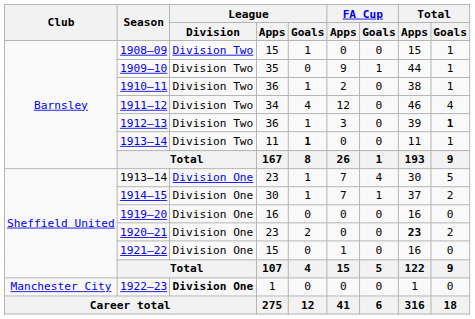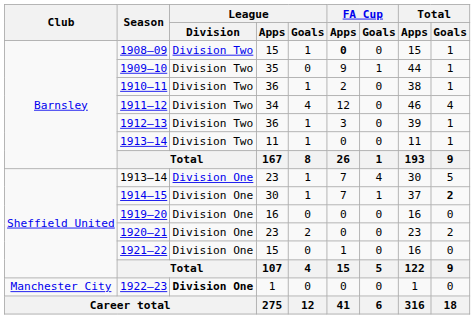 <table class=wikitable style=text-align:center>
 <tr>
 <th rowspan="2">Club</th>
 <th rowspan="2">Season</th>
 <th colspan="3">League</th>
 <th colspan="2"><a href='#'>FA Cup</a></th>
 <th colspan="2">Total</th>
 </tr>
 <tr>
 <th>Division</th>
 <th>Apps</th>
 <th>Goals</th>
 <th>Apps</th>
 <th>Goals</th>
 <th>Apps</th>
 <th>Goals</th>
 </tr>
 <tr>
 <td rowspan="7"><a href='#'>Barnsley</a></td>
 <td><a href='#'>1908–09</a></td>
 <td><a href='#'>Division Two</a></td>
 <td>15</td>
 <td>1</td>
-<td>0</td>
+<td><strong>0</strong></td>
 <td>0</td>
 <td>15</td>
 <td>1</td>
 </tr>
 <tr>
 <td><a href='#'>1909–10</a></td>
 <td>Division Two</td>
 <td>35</td>
 <td>0</td>
 <td>9</td>
 <td>1</td>
 <td>44</td>
 <td>1</td>
 </tr>
 <tr>
 <td><a href='#'>1910–11</a></td>
 <td>Division Two</td>
 <td>36</td>
 <td>1</td>
 <td>2</td>
 <td>0</td>
 <td>38</td>
 <td>1</td>
 </tr>
 <tr>
 <td><a href='#'>1911–12</a></td>
 <td>Division Two</td>
 <td>34</td>
 <td>4</td>
 <td>12</td>
 <td>0</td>
 <td>46</td>
 <td>4</td>
 </tr>
 <tr>
 <td><a href='#'>1912–13</a></td>
 <td>Division Two</td>
 <td>36</td>
 <td>1</td>
 <td>3</td>
 <td>0</td>
 <td>39</td>
-<td><strong>1</strong></td>
+<td>1</td>
 </tr>
 <tr>
 <td><a href='#'>1913–14</a></td>
 <td>Division Two</td>
 <td>11</td>
-<td><strong>1</strong></td>
+<td>1</td>
 <td>0</td>
 <td>0</td>
 <td>11</td>
 <td>1</td>
 </tr>
 <tr>
 <th colspan="2">Total</th>
 <th>167</th>
 <th>8</th>
 <th>26</th>
 <th>1</th>
 <th>193</th>
 <th>9</th>
 </tr>
 <tr>
 <td rowspan="6"><a href='#'>Sheffield United</a></td>
 <td>1913–14</td>
 <td><a href='#'>Division One</a></td>
 <td>23</td>
 <td>1</td>
 <td>7</td>
 <td>4</td>
 <td>30</td>
 <td>5</td>
 </tr>
 <tr>
 <td><a href='#'>1914–15</a></td>
 <td>Division One</td>
 <td>30</td>
 <td>1</td>
 <td>7</td>
 <td>1</td>
 <td>37</td>
-<td>2</td>
+<td><strong>2</strong></td>
 </tr>
 <tr>
 <td><a href='#'>1919–20</a></td>
 <td>Division One</td>
 <td>16</td>
 <td>0</td>
 <td>0</td>
 <td>0</td>
 <td>16</td>
 <td>0</td>
 </tr>
 <tr>
 <td><a href='#'>1920–21</a></td>
 <td>Division One</td>
 <td>23</td>
 <td>2</td>
 <td>0</td>
 <td>0</td>
-<td><strong>23</strong></td>
+<td>23</td>
 <td>2</td>
 </tr>
 <tr>
 <td><a href='#'>1921–22</a></td>
 <td>Division One</td>
 <td>15</td>
 <td>0</td>
 <td>1</td>
 <td>0</td>
 <td>16</td>
 <td>0</td>
 </tr>
 <tr>
 <th colspan="2">Total</th>
 <th>107</th>
 <th>4</th>
 <th>15</th>
 <th>5</th>
 <th>122</th>
 <th>9</th>
 </tr>
 <tr>
 <td><a href='#'>Manchester City</a></td>
 <td><a href='#'>1922–23</a></td>
 <td><strong>Division One</strong></td>
 <td>1</td>
 <td>0</td>
 <td>0</td>
 <td>0</td>
 <td>1</td>
 <td>0</td>
 </tr>
 <tr>
 <th colspan="3">Career total</th>
 <th>275</th>
 <th>12</th>
 <th>41</th>
 <th>6</th>
 <th>316</th>
 <th>18</th>
 </tr>
 </table>
